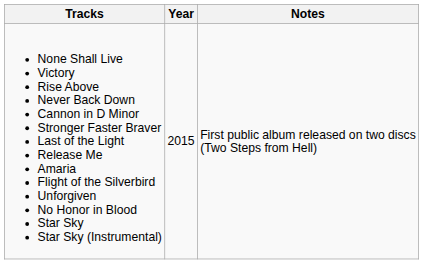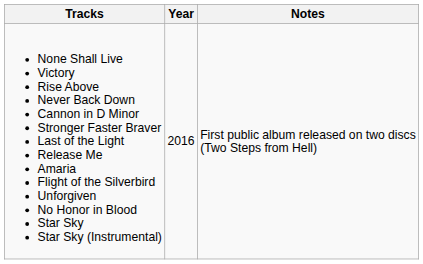 <table class="wikitable sortable">
 <tr>
 <th>Tracks</th>
 <th>Year</th>
 <th>Notes</th>
 </tr>
 <tr>
 <td><br><ul><li>None Shall Live</li><li>Victory</li><li>Rise Above</li><li>Never Back Down</li><li>Cannon in D Minor</li><li>Stronger Faster Braver</li><li>Last of the Light</li><li>Release Me</li><li>Amaria</li><li>Flight of the Silverbird</li><li>Unforgiven</li><li>No Honor in Blood</li><li>Star Sky</li><li>Star Sky (Instrumental)</li></ul></td>
-<td>2015</td>
+<td>2016</td>
 <td>First public album released on two discs<br>(Two Steps from Hell)</td>
 </tr>
 </table>
